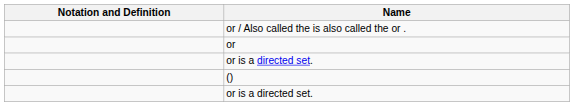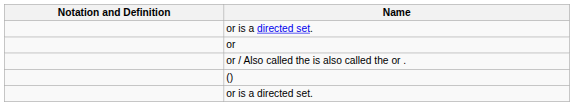 <table class="wikitable" style="width: 100%;">
 <tr>
 <th>Notation and Definition</th>
 <th>Name</th>
 </tr>
 <tr>
 <td style="padding:0.5% 2em 0.5% 2em;"></td>
-<td> or / Also called the  is also called the  or .</td>
+<td> or  is a <a href='#'>directed set</a>.</td>
 </tr>
 <tr>
 <td style="padding:0.5% 2em 0.5% 2em;"></td>
 <td> or </td>
 </tr>
 <tr>
 <td style="padding:0.5% 2em 0.5% 2em;"></td>
-<td> or  is a <a href='#'>directed set</a>.</td>
+<td> or / Also called the  is also called the  or .</td>
 </tr>
 <tr>
 <td style="padding:0.5% 2em 0.5% 2em;"></td>
 <td>() </td>
 </tr>
 <tr>
 <td style="padding:0.5% 2em 0.5% 2em;"></td>
 <td> or  is a directed set.</td>
 </tr>
 </table>
